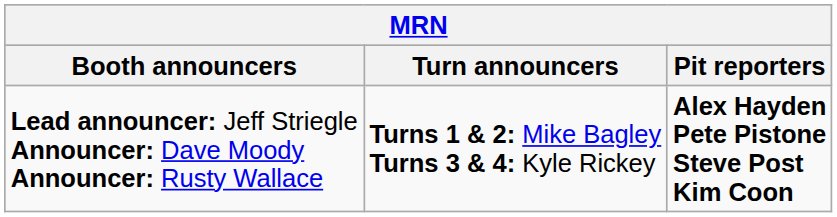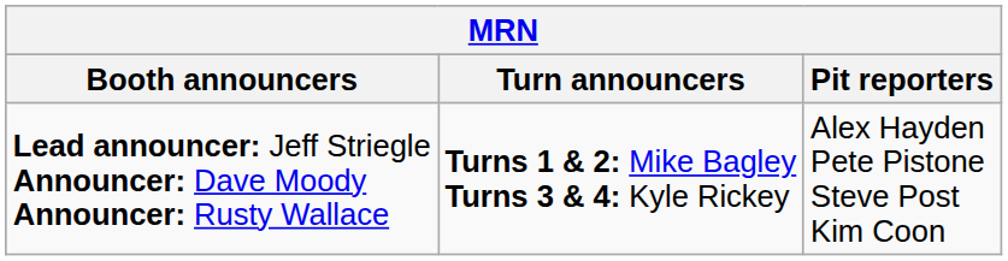 <table class="wikitable" style="font-size: 95%;">
 <tr>
 <th colspan="3"><a href='#'>MRN</a></th>
 </tr>
 <tr>
 <th>Booth announcers</th>
 <th>Turn announcers</th>
 <th>Pit reporters</th>
 </tr>
 <tr>
 <td><strong>Lead announcer:</strong> Jeff Striegle<br><strong>Announcer:</strong> <a href='#'>Dave Moody</a><br><strong>Announcer:</strong> <a href='#'>Rusty Wallace</a></td>
 <td><strong>Turns 1 & 2:</strong> <a href='#'>Mike Bagley</a><br><strong>Turns 3 & 4:</strong> Kyle Rickey</td>
-<td><strong>Alex Hayden<br>Pete Pistone<br>Steve Post<br>Kim Coon</strong></td>
+<td>Alex Hayden<br>Pete Pistone<br>Steve Post<br>Kim Coon</td>
 </tr>
 </table>
